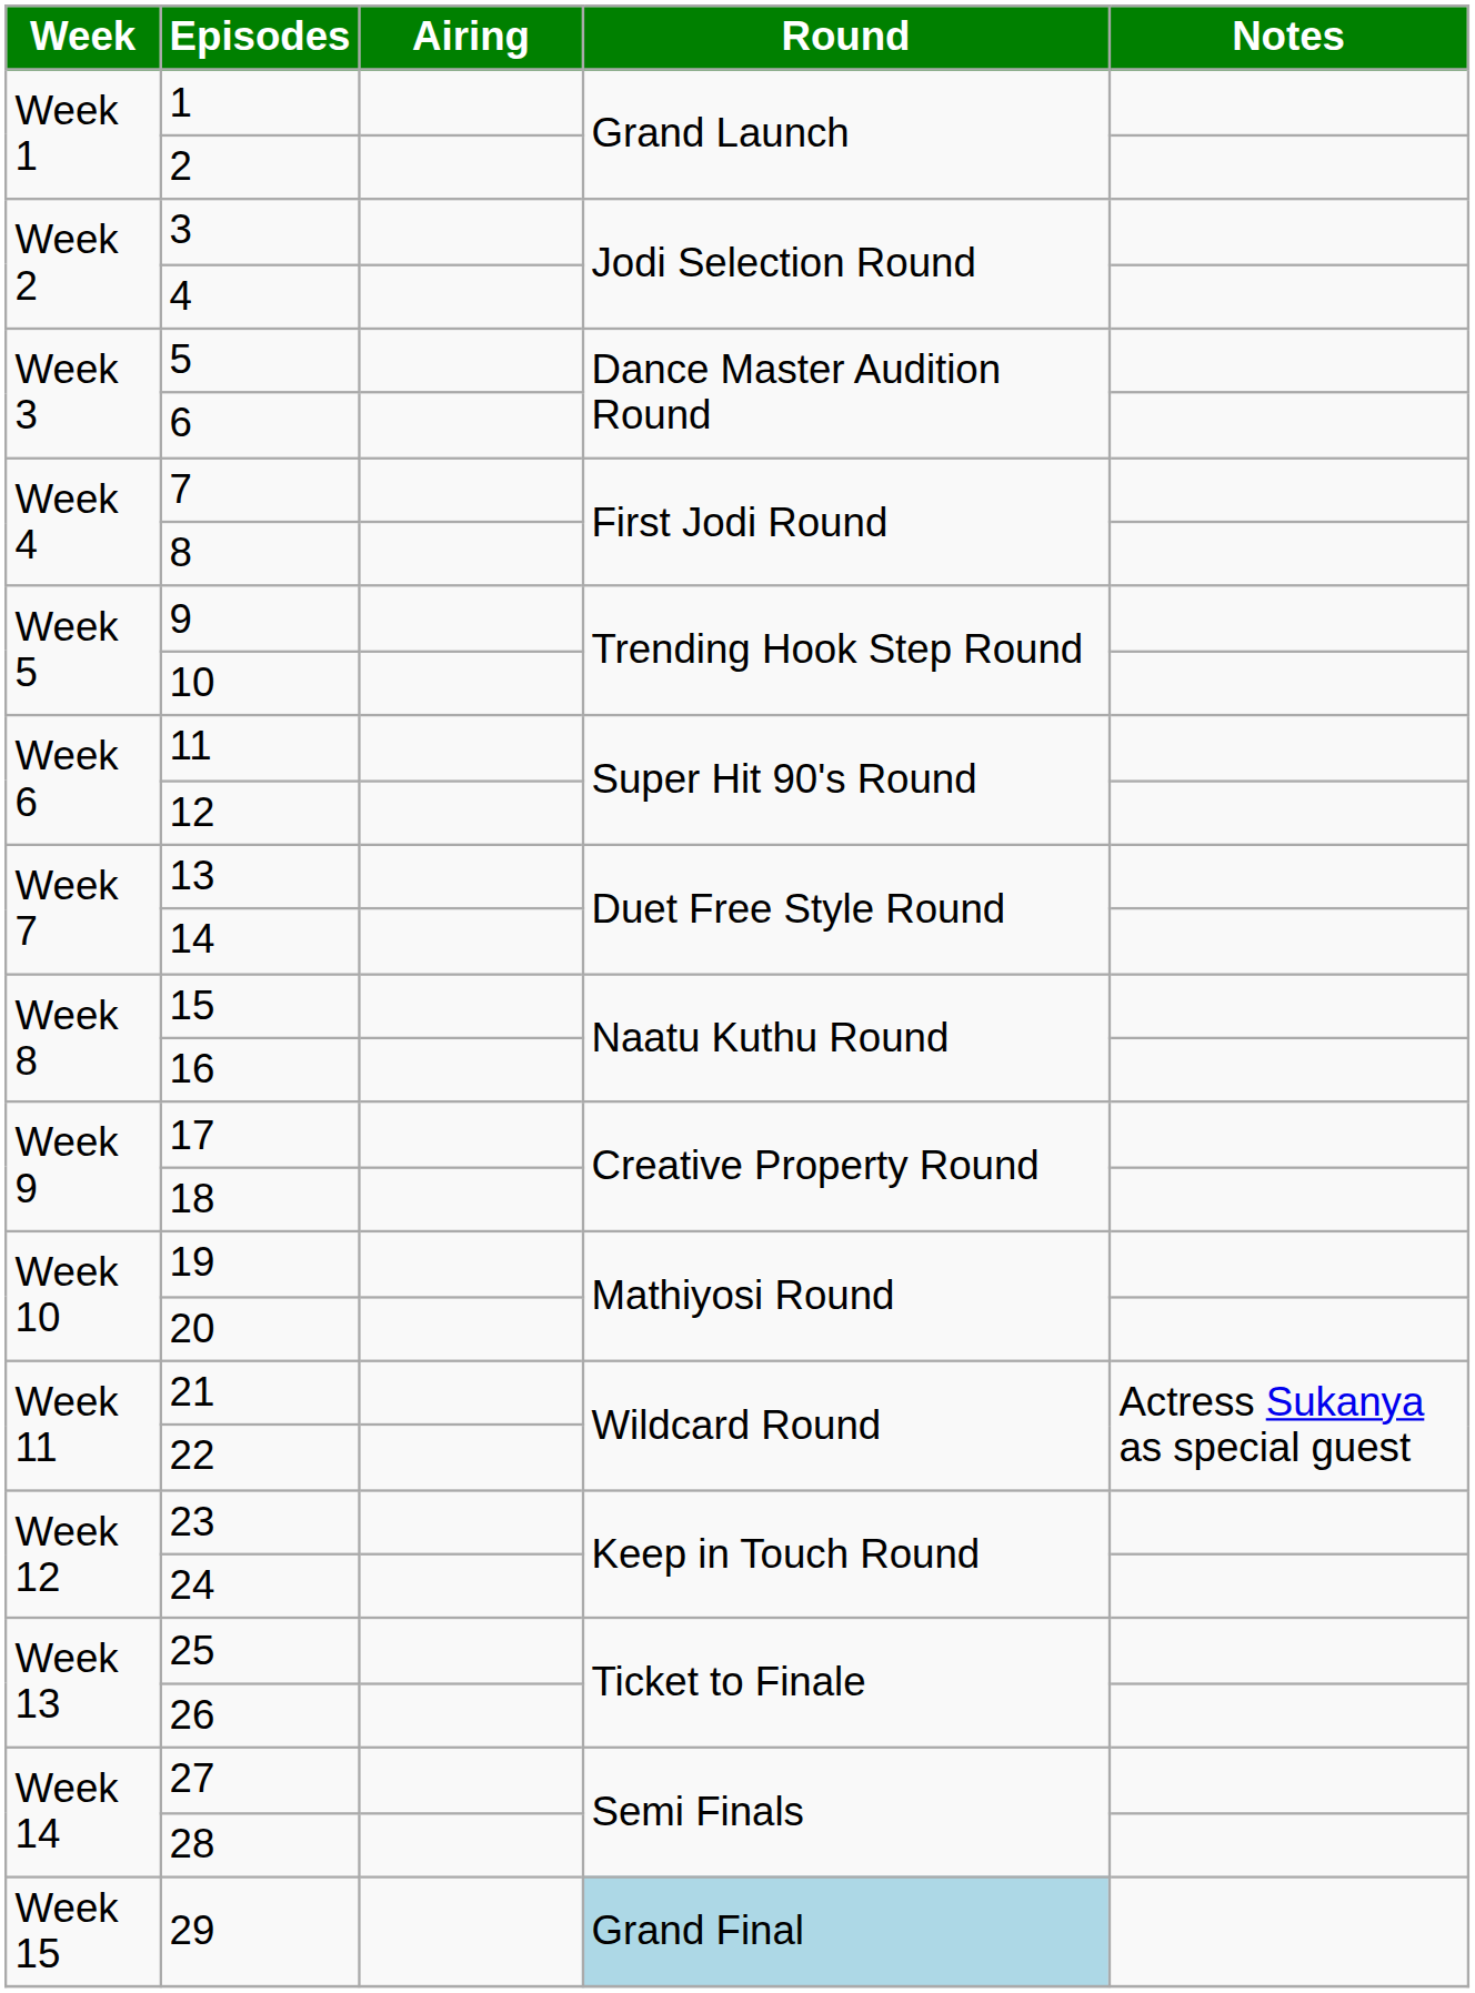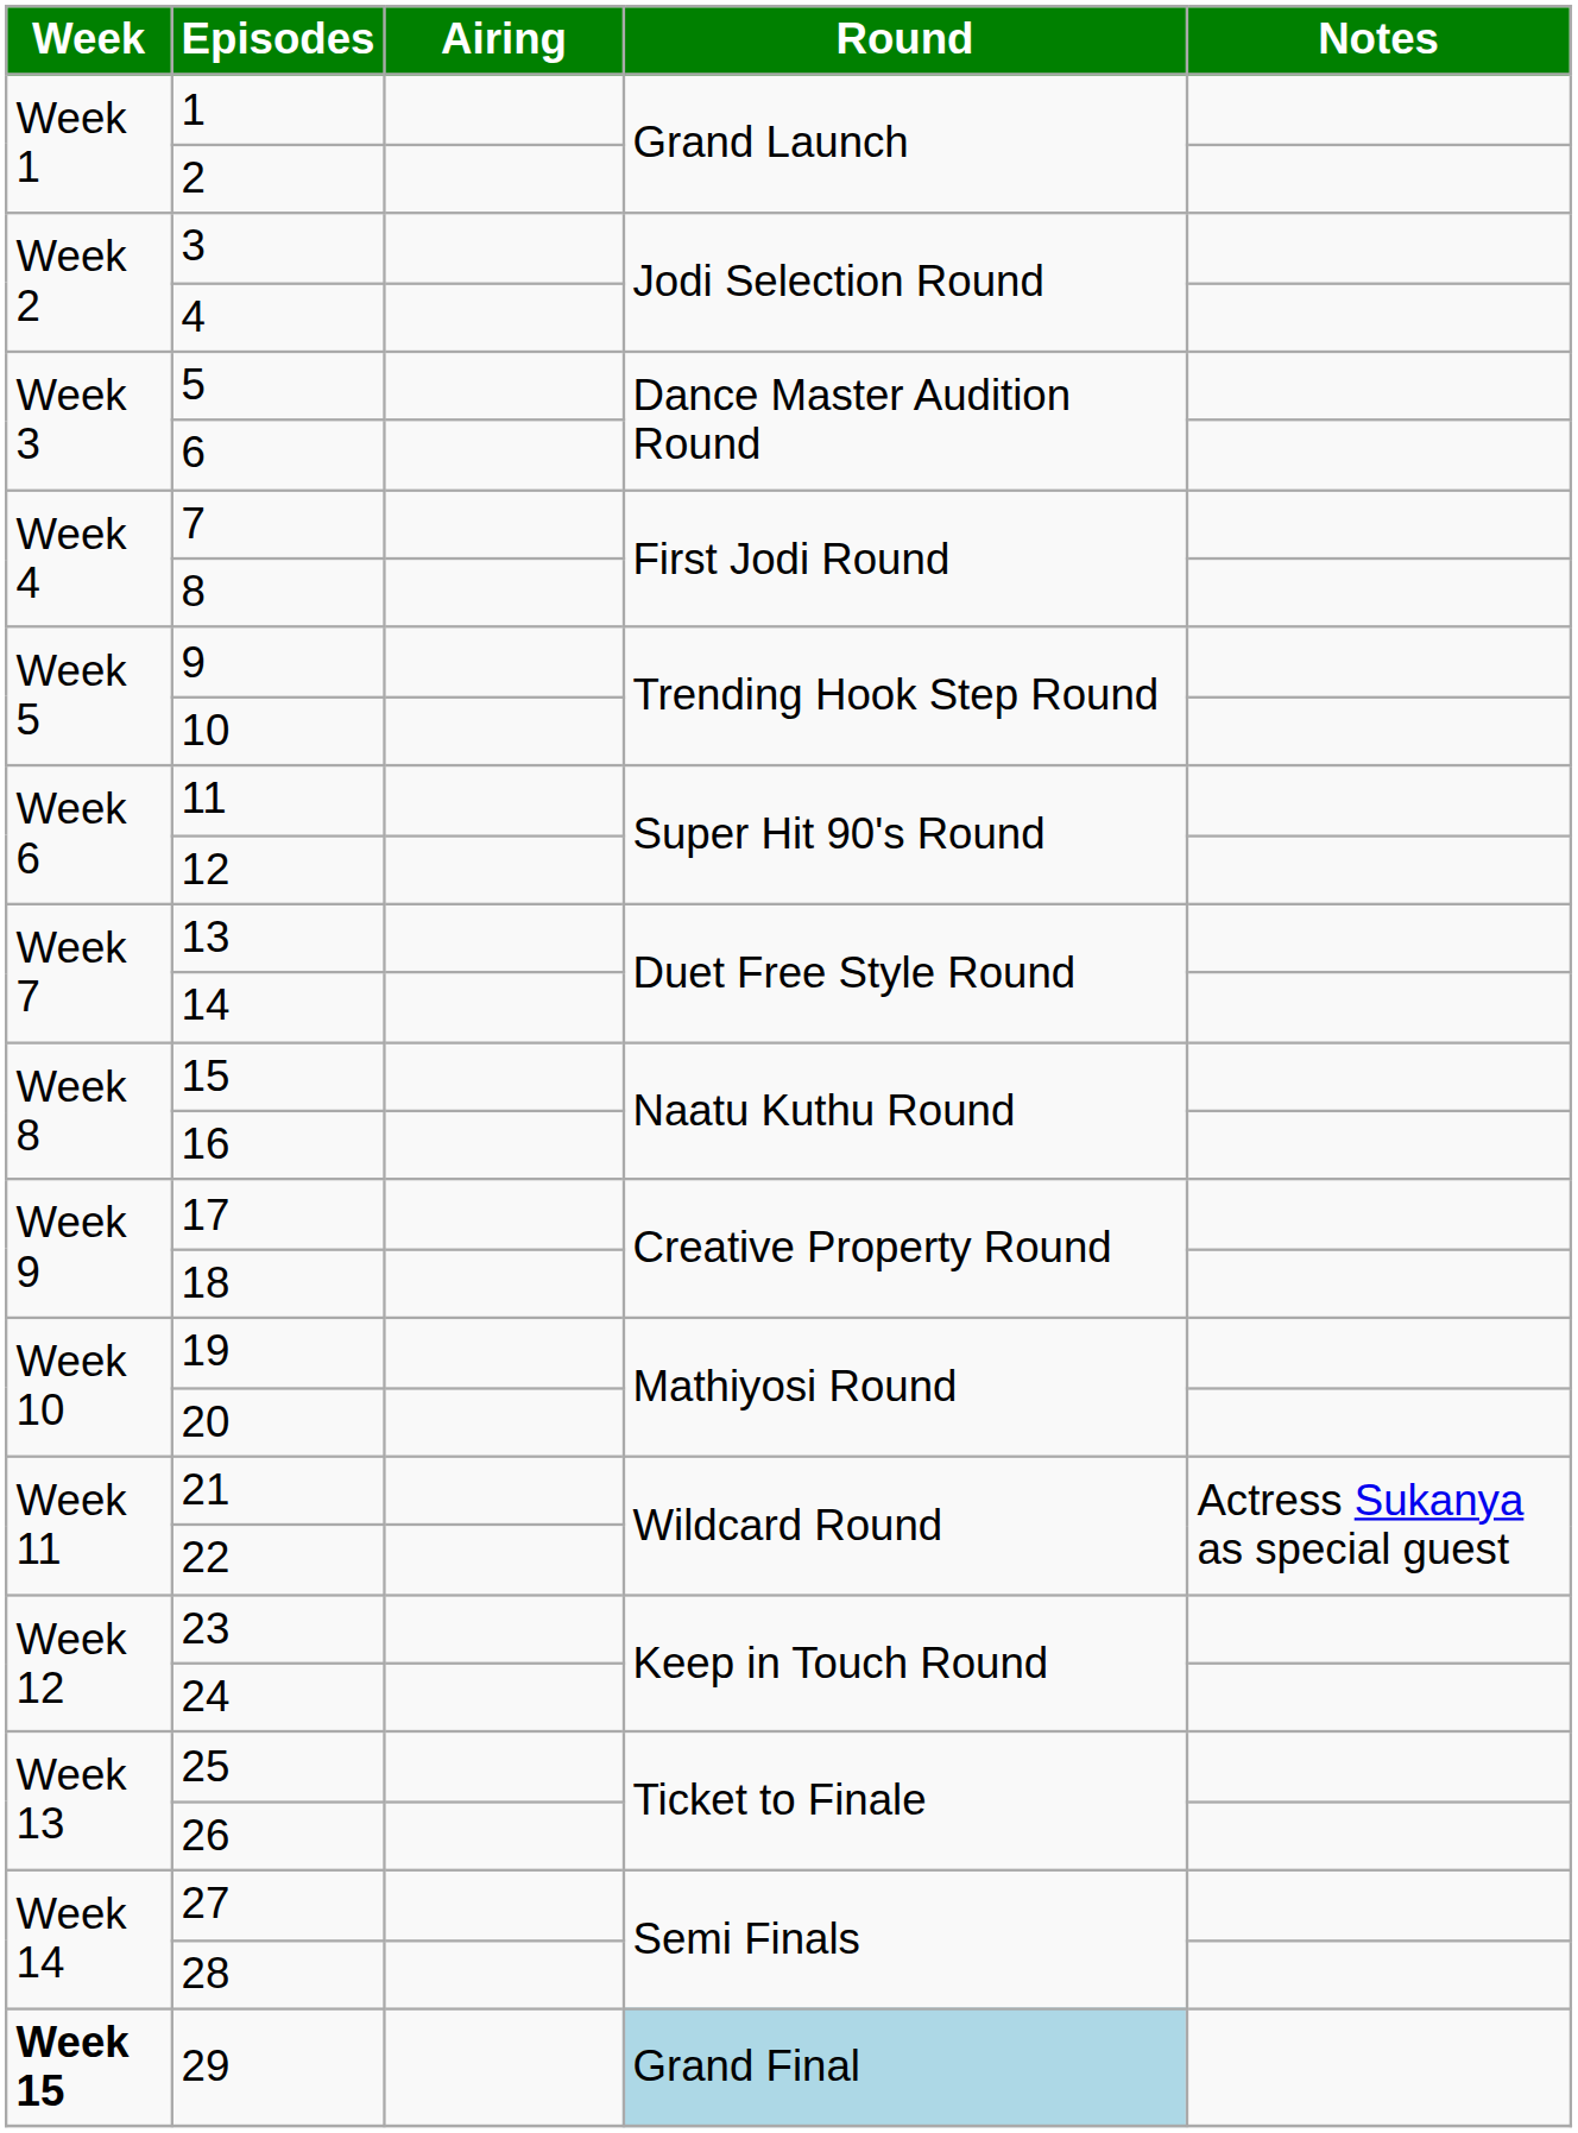 <table class="wikitable sortable">
 <tr>
 <th style="width:40pt; background:green;color:white">Week</th>
 <th style="width:6pt; background:green;color:white">Episodes</th>
 <th style="width:60pt; background:green;color:white">Airing</th>
 <th style="width:150pt; background:green;color:white">Round</th>
 <th style="width:100pt; background:green;color:white">Notes</th>
 </tr>
 <tr>
 <td rowspan="2">Week 1</td>
 <td>1</td>
 <td></td>
 <td rowspan="2">Grand Launch</td>
 <td></td>
 </tr>
 <tr>
 <td>2</td>
 <td></td>
 <td></td>
 </tr>
 <tr>
 <td rowspan="2">Week 2</td>
 <td>3</td>
 <td></td>
 <td rowspan="2">Jodi Selection Round</td>
 <td></td>
 </tr>
 <tr>
 <td>4</td>
 <td></td>
 <td></td>
 </tr>
 <tr>
 <td rowspan="2">Week 3</td>
 <td>5</td>
 <td></td>
 <td rowspan="2">Dance Master Audition Round</td>
 <td></td>
 </tr>
 <tr>
 <td>6</td>
 <td></td>
 <td></td>
 </tr>
 <tr>
 <td rowspan="2">Week 4</td>
 <td>7</td>
 <td></td>
 <td rowspan="2">First Jodi Round</td>
 <td></td>
 </tr>
 <tr>
 <td>8</td>
 <td></td>
 <td></td>
 </tr>
 <tr>
 <td rowspan="2">Week 5</td>
 <td>9</td>
 <td></td>
 <td rowspan="2">Trending Hook Step Round</td>
 <td></td>
 </tr>
 <tr>
 <td>10</td>
 <td></td>
 <td></td>
 </tr>
 <tr>
 <td rowspan="2">Week 6</td>
 <td>11</td>
 <td></td>
 <td rowspan="2">Super Hit 90's Round</td>
 <td></td>
 </tr>
 <tr>
 <td>12</td>
 <td></td>
 <td></td>
 </tr>
 <tr>
 <td rowspan="2">Week 7</td>
 <td>13</td>
 <td></td>
 <td rowspan="2">Duet Free Style Round</td>
 <td></td>
 </tr>
 <tr>
 <td>14</td>
 <td></td>
 <td></td>
 </tr>
 <tr>
 <td rowspan="2">Week 8</td>
 <td>15</td>
 <td></td>
 <td rowspan="2">Naatu Kuthu Round</td>
 <td></td>
 </tr>
 <tr>
 <td>16</td>
 <td></td>
 <td></td>
 </tr>
 <tr>
 <td rowspan="2">Week 9</td>
 <td>17</td>
 <td></td>
 <td rowspan="2">Creative Property Round</td>
 <td></td>
 </tr>
 <tr>
 <td>18</td>
 <td></td>
 <td></td>
 </tr>
 <tr>
 <td rowspan="2">Week 10</td>
 <td>19</td>
 <td></td>
 <td rowspan="2">Mathiyosi Round</td>
 <td></td>
 </tr>
 <tr>
 <td>20</td>
 <td></td>
 <td></td>
 </tr>
 <tr>
 <td rowspan="2">Week 11</td>
 <td>21</td>
 <td></td>
 <td rowspan="2">Wildcard Round</td>
 <td rowspan="2">Actress <a href='#'>Sukanya</a> as special guest</td>
 </tr>
 <tr>
 <td>22</td>
 <td></td>
 </tr>
 <tr>
 <td rowspan="2">Week 12</td>
 <td>23</td>
 <td></td>
 <td rowspan="2">Keep in Touch Round</td>
 <td></td>
 </tr>
 <tr>
 <td>24</td>
 <td></td>
 <td></td>
 </tr>
 <tr>
 <td rowspan="2">Week 13</td>
 <td>25</td>
 <td></td>
 <td rowspan="2">Ticket to Finale</td>
 <td></td>
 </tr>
 <tr>
 <td>26</td>
 <td></td>
 <td></td>
 </tr>
 <tr>
 <td rowspan="2">Week 14</td>
 <td>27</td>
 <td></td>
 <td rowspan="2">Semi Finals</td>
 <td></td>
 </tr>
 <tr>
 <td>28</td>
 <td></td>
 <td></td>
 </tr>
 <tr>
-<td>Week 15</td>
+<td><strong>Week 15</strong></td>
 <td>29</td>
 <td></td>
 <td style="background: lightblue;">Grand Final</td>
 <td></td>
 </tr>
 <tr>
 </tr>
 </table>
